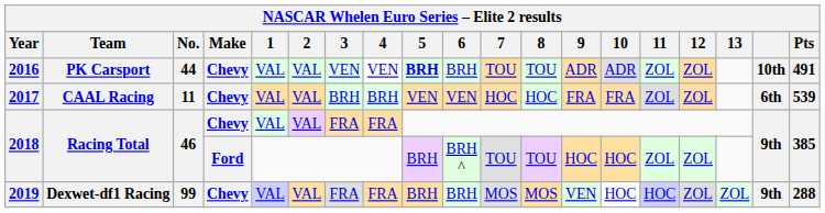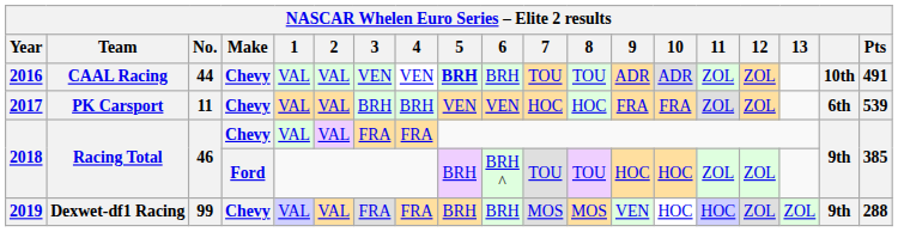 <table class="wikitable" style="text-align:center; font-size:75%">
 <tr>
 <th colspan=21><a href='#'>NASCAR Whelen Euro Series</a> – Elite 2 results</th>
 </tr>
 <tr>
 <th>Year</th>
 <th>Team</th>
 <th>No.</th>
 <th>Make</th>
 <th>1</th>
 <th>2</th>
 <th>3</th>
 <th>4</th>
 <th>5</th>
 <th>6</th>
 <th>7</th>
 <th>8</th>
 <th>9</th>
 <th>10</th>
 <th>11</th>
 <th>12</th>
 <th>13</th>
 <th></th>
 <th>Pts</th>
 </tr>
 <tr>
 <th><a href='#'>2016</a></th>
-<th><a href='#'>PK Carsport</a></th>
+<th><a href='#'>CAAL Racing</a></th>
 <th>44</th>
 <th><a href='#'>Chevy</a></th>
 <td style="background:#DFFFDF;"><a href='#'>VAL</a><br></td>
 <td style="background:#DFFFDF;"><a href='#'>VAL</a><br></td>
 <td style="background:#DFFFDF;"><a href='#'>VEN</a><br></td>
 <td style="background:#FFFFFF;"><a href='#'>VEN</a><br></td>
 <td style="background:#DFFFDF;"><strong><a href='#'>BRH</a><br></strong></td>
 <td style="background:#DFFFDF;"><a href='#'>BRH</a><br></td>
 <td style="background:#FFDF9F;"><a href='#'>TOU</a><br></td>
 <td style="background:#DFFFDF;"><a href='#'>TOU</a><br></td>
 <td style="background:#FFDF9F;"><a href='#'>ADR</a><br></td>
 <td style="background:#DFDFDF;"><a href='#'>ADR</a><br></td>
 <td style="background:#DFFFDF;"><a href='#'>ZOL</a><br></td>
 <td style="background:#FFDF9F;"><a href='#'>ZOL</a><br></td>
 <td></td>
 <th>10th</th>
 <th>491</th>
 </tr>
 <tr>
 <th><a href='#'>2017</a></th>
-<th><a href='#'>CAAL Racing</a></th>
+<th><a href='#'>PK Carsport</a></th>
 <th>11</th>
 <th><a href='#'>Chevy</a></th>
 <td style="background:#FFDF9F;"><a href='#'>VAL</a><br></td>
 <td style="background:#FFDF9F;"><a href='#'>VAL</a><br></td>
 <td style="background:#DFFFDF;"><a href='#'>BRH</a><br></td>
 <td style="background:#DFFFDF;"><a href='#'>BRH</a><br></td>
 <td style="background:#FFDF9F;"><a href='#'>VEN</a><br></td>
 <td style="background:#FFDF9F;"><a href='#'>VEN</a><br></td>
 <td style="background:#FFDF9F;"><a href='#'>HOC</a><br></td>
 <td style="background:#DFFFDF;"><a href='#'>HOC</a><br></td>
 <td style="background:#FFDF9F;"><a href='#'>FRA</a><br></td>
 <td style="background:#FFDF9F;"><a href='#'>FRA</a><br></td>
 <td style="background:#DFDFDF;"><a href='#'>ZOL</a><br></td>
 <td style="background:#FFDF9F;"><a href='#'>ZOL</a><br></td>
 <td></td>
 <th>6th</th>
 <th>539</th>
 </tr>
 <tr>
 <th rowspan=2><a href='#'>2018</a></th>
 <th rowspan=2><a href='#'>Racing Total</a></th>
 <th rowspan=2>46</th>
 <th><a href='#'>Chevy</a></th>
 <td style="background:#DFFFDF;"><a href='#'>VAL</a><br></td>
 <td style="background:#EFCFFF;"><a href='#'>VAL</a><br></td>
 <td style="background:#FFDF9F;"><a href='#'>FRA</a><br></td>
 <td style="background:#FFDF9F;"><a href='#'>FRA</a><br></td>
 <td colspan=9></td>
 <th rowspan=2>9th</th>
 <th rowspan=2>385</th>
 </tr>
 <tr>
 <th><a href='#'>Ford</a></th>
 <td colspan=4></td>
 <td style="background:#EFCFFF;"><a href='#'>BRH</a><br></td>
 <td style="background:#DFFFDF;"><a href='#'>BRH</a><br>^</td>
 <td style="background:#DFDFDF;"><a href='#'>TOU</a><br></td>
 <td style="background:#EFCFFF;"><a href='#'>TOU</a><br></td>
 <td style="background:#FFDF9F;"><a href='#'>HOC</a><br></td>
 <td style="background:#FFDF9F;"><a href='#'>HOC</a><br></td>
 <td style="background:#DFFFDF;"><a href='#'>ZOL</a><br></td>
 <td style="background:#DFFFDF;"><a href='#'>ZOL</a><br></td>
 <td></td>
 </tr>
 <tr>
 <th><a href='#'>2019</a></th>
 <th>Dexwet-df1 Racing</th>
 <th>99</th>
 <th><a href='#'>Chevy</a></th>
 <td style="background-color:#CFCFFF"><a href='#'>VAL</a><br></td>
 <td style="background-color:#FFDF9F"><a href='#'>VAL</a><br></td>
 <td style="background-color:#DFDFDF"><a href='#'>FRA</a><br></td>
 <td style="background-color:#FFDF9F"><a href='#'>FRA</a><br></td>
 <td style="background-color:#FFDF9F"><a href='#'>BRH</a><br></td>
 <td style="background-color:#DFFFDF"><a href='#'>BRH</a><br></td>
 <td style="background-color:#DFDFDF"><a href='#'>MOS</a><br></td>
 <td style="background-color:#FFDF9F"><a href='#'>MOS</a><br></td>
 <td style="background-color:#DFFFDF"><a href='#'>VEN</a><br></td>
 <td style="background-color:#FFFFFF"><a href='#'>HOC</a><br></td>
 <td style="background-color:#CFCFFF"><a href='#'>HOC</a><br></td>
 <td style="background-color:#DFDFDF"><a href='#'>ZOL</a><br></td>
 <td style="background-color:#DFFFDF"><a href='#'>ZOL</a><br></td>
 <th>9th</th>
 <th>288</th>
 </tr>
 </table>
